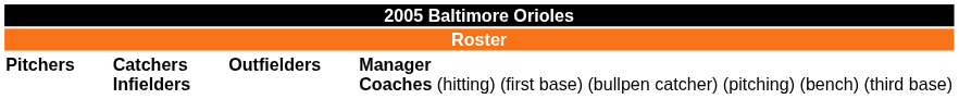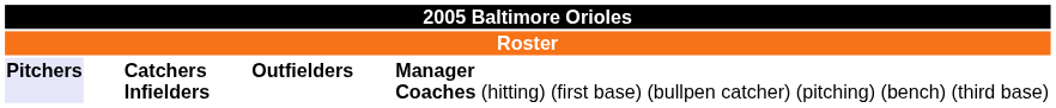 <table class="toccolours" style="font-size: 95%;">
 <tr>
 <th colspan="10" style="background-color: black; color: #FFFFFF; text-align: center;">2005 Baltimore Orioles</th>
 </tr>
 <tr>
 <td colspan="10" style="background-color: #F87217; color: white; text-align: center;"><strong>Roster</strong></td>
 </tr>
 <tr>
-<td valign="top"><strong>Pitchers</strong><br>                   </td>
+<td valign="top" style="background: lavender;"><strong>Pitchers</strong><br>                   </td>
 <td width="25px"></td>
 <td valign="top"><strong>Catchers</strong><br>    <strong>Infielders</strong>     <br>   </td>
 <td width="25px"></td>
 <td valign="top"><strong>Outfielders</strong><br>            </td>
 <td width="25px"></td>
 <td valign="top"><strong>Manager</strong><br>  <strong>Coaches</strong>  (hitting)  (first base)  (bullpen catcher)  (pitching)  (bench)  (third base)</td>
 </tr>
 </table>
